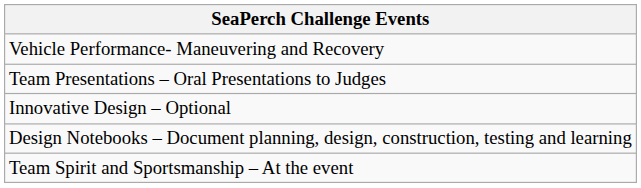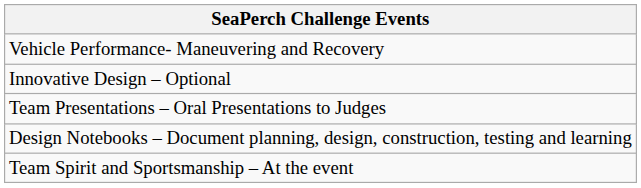 <table class="wikitable">
 <tr>
 <th>SeaPerch Challenge Events</th>
 </tr>
 <tr>
 <td>Vehicle Performance- Maneuvering and Recovery</td>
 </tr>
 <tr>
-<td>Team Presentations – Oral Presentations to Judges</td>
+<td>Innovative Design – Optional</td>
 </tr>
 <tr>
-<td>Innovative Design – Optional</td>
+<td>Team Presentations – Oral Presentations to Judges</td>
 </tr>
 <tr>
 <td>Design Notebooks – Document planning, design, construction, testing and learning</td>
 </tr>
 <tr>
 <td>Team Spirit and Sportsmanship – At the event</td>
 </tr>
 </table>
